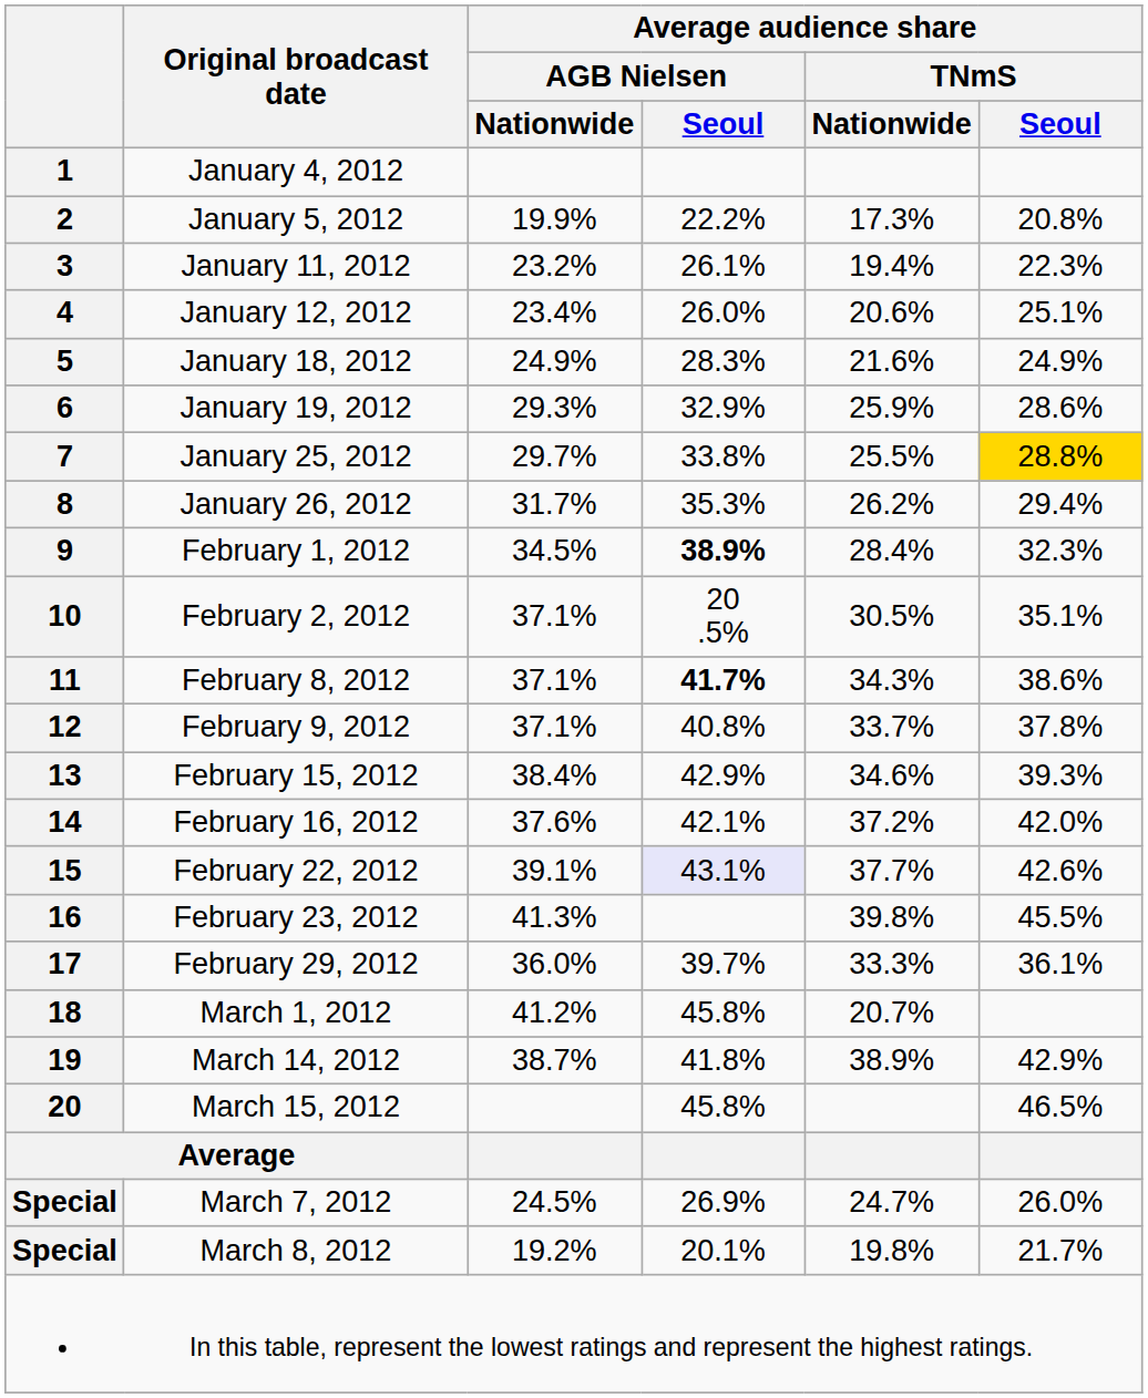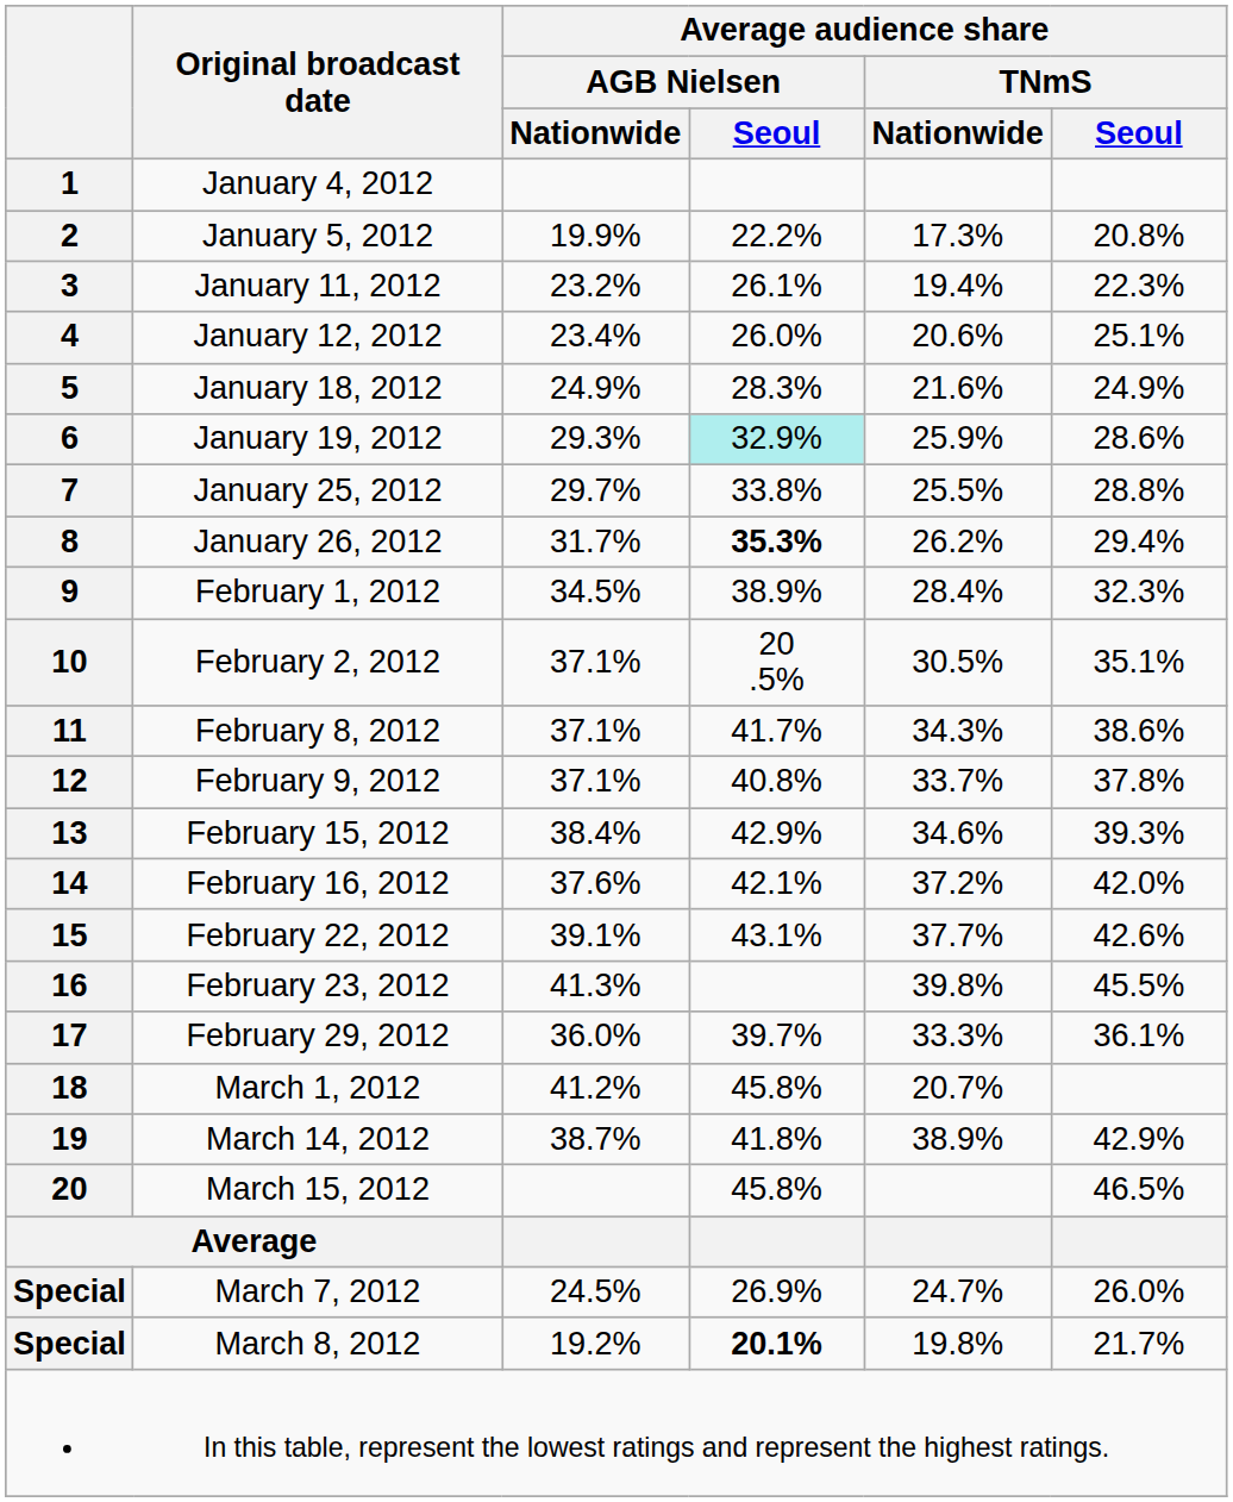 <table class=wikitable style="text-align:center">
 <tr>
 <th rowspan="3"></th>
 <th rowspan="3">Original broadcast date</th>
 <th colspan="4">Average audience share</th>
 </tr>
 <tr>
 <th colspan="2">AGB Nielsen</th>
 <th colspan="2">TNmS</th>
 </tr>
 <tr>
 <th width="80">Nationwide</th>
 <th width="80"><a href='#'>Seoul</a></th>
 <th width="80">Nationwide</th>
 <th width="80"><a href='#'>Seoul</a></th>
 </tr>
 <tr>
 <th>1</th>
 <td>January 4, 2012</td>
 <td></td>
 <td></td>
 <td></td>
 <td></td>
 </tr>
 <tr>
 <th>2</th>
 <td>January 5, 2012</td>
 <td>19.9%</td>
 <td>22.2%</td>
 <td>17.3%</td>
 <td>20.8%</td>
 </tr>
 <tr>
 <th>3</th>
 <td>January 11, 2012</td>
 <td>23.2%</td>
 <td>26.1%</td>
 <td>19.4%</td>
 <td>22.3%</td>
 </tr>
 <tr>
 <th>4</th>
 <td>January 12, 2012</td>
 <td>23.4%</td>
 <td>26.0%</td>
 <td>20.6%</td>
 <td>25.1%</td>
 </tr>
 <tr>
 <th>5</th>
 <td>January 18, 2012</td>
 <td>24.9%</td>
 <td>28.3%</td>
 <td>21.6%</td>
 <td>24.9%</td>
 </tr>
 <tr>
 <th>6</th>
 <td>January 19, 2012</td>
 <td>29.3%</td>
-<td>32.9%</td>
+<td style="background: paleturquoise;">32.9%</td>
 <td>25.9%</td>
 <td>28.6%</td>
 </tr>
 <tr>
 <th>7</th>
 <td>January 25, 2012</td>
 <td>29.7%</td>
 <td>33.8%</td>
 <td>25.5%</td>
-<td style="background: gold;">28.8%</td>
+<td>28.8%</td>
 </tr>
 <tr>
 <th>8</th>
 <td>January 26, 2012</td>
 <td>31.7%</td>
-<td>35.3%</td>
+<td><strong>35.3%</strong></td>
 <td>26.2%</td>
 <td>29.4%</td>
 </tr>
 <tr>
 <th>9</th>
 <td>February 1, 2012</td>
 <td>34.5%</td>
-<td><strong>38.9%</strong></td>
+<td>38.9%</td>
 <td>28.4%</td>
 <td>32.3%</td>
 </tr>
 <tr>
 <th>10</th>
 <td>February 2, 2012</td>
 <td>37.1%</td>
 <td>20<br>.5%</td>
 <td>30.5%</td>
 <td>35.1%</td>
 </tr>
 <tr>
 <th>11</th>
 <td>February 8, 2012</td>
 <td>37.1%</td>
-<td><strong>41.7%</strong></td>
+<td>41.7%</td>
 <td>34.3%</td>
 <td>38.6%</td>
 </tr>
 <tr>
 <th>12</th>
 <td>February 9, 2012</td>
 <td>37.1%</td>
 <td>40.8%</td>
 <td>33.7%</td>
 <td>37.8%</td>
 </tr>
 <tr>
 <th>13</th>
 <td>February 15, 2012</td>
 <td>38.4%</td>
 <td>42.9%</td>
 <td>34.6%</td>
 <td>39.3%</td>
 </tr>
 <tr>
 <th>14</th>
 <td>February 16, 2012</td>
 <td>37.6%</td>
 <td>42.1%</td>
 <td>37.2%</td>
 <td>42.0%</td>
 </tr>
 <tr>
 <th>15</th>
 <td>February 22, 2012</td>
 <td>39.1%</td>
-<td style="background: lavender;">43.1%</td>
+<td>43.1%</td>
 <td>37.7%</td>
 <td>42.6%</td>
 </tr>
 <tr>
 <th>16</th>
 <td>February 23, 2012</td>
 <td>41.3%</td>
 <td></td>
 <td>39.8%</td>
 <td>45.5%</td>
 </tr>
 <tr>
 <th>17</th>
 <td>February 29, 2012</td>
 <td>36.0%</td>
 <td>39.7%</td>
 <td>33.3%</td>
 <td>36.1%</td>
 </tr>
 <tr>
 <th>18</th>
 <td>March 1, 2012</td>
 <td>41.2%</td>
 <td>45.8%</td>
 <td>20.7%</td>
 <td></td>
 </tr>
 <tr>
 <th>19</th>
 <td>March 14, 2012</td>
 <td>38.7%</td>
 <td>41.8%</td>
 <td>38.9%</td>
 <td>42.9%</td>
 </tr>
 <tr>
 <th>20</th>
 <td>March 15, 2012</td>
 <td></td>
 <td>45.8%</td>
 <td></td>
 <td>46.5%</td>
 </tr>
 <tr>
 <th colspan="2">Average</th>
 <th></th>
 <th></th>
 <th></th>
 <th></th>
 </tr>
 <tr>
 <th>Special</th>
 <td>March 7, 2012</td>
 <td>24.5%</td>
 <td>26.9%</td>
 <td>24.7%</td>
 <td>26.0%</td>
 </tr>
 <tr>
 <th>Special</th>
 <td>March 8, 2012</td>
 <td>19.2%</td>
-<td>20.1%</td>
+<td><strong>20.1%</strong></td>
 <td>19.8%</td>
 <td>21.7%</td>
 </tr>
 <tr style="font-size:85%">
 <td colspan="6"><br><ul><li>In this table,  represent the lowest ratings and  represent the highest ratings.</li></ul></td>
 </tr>
 </table>
